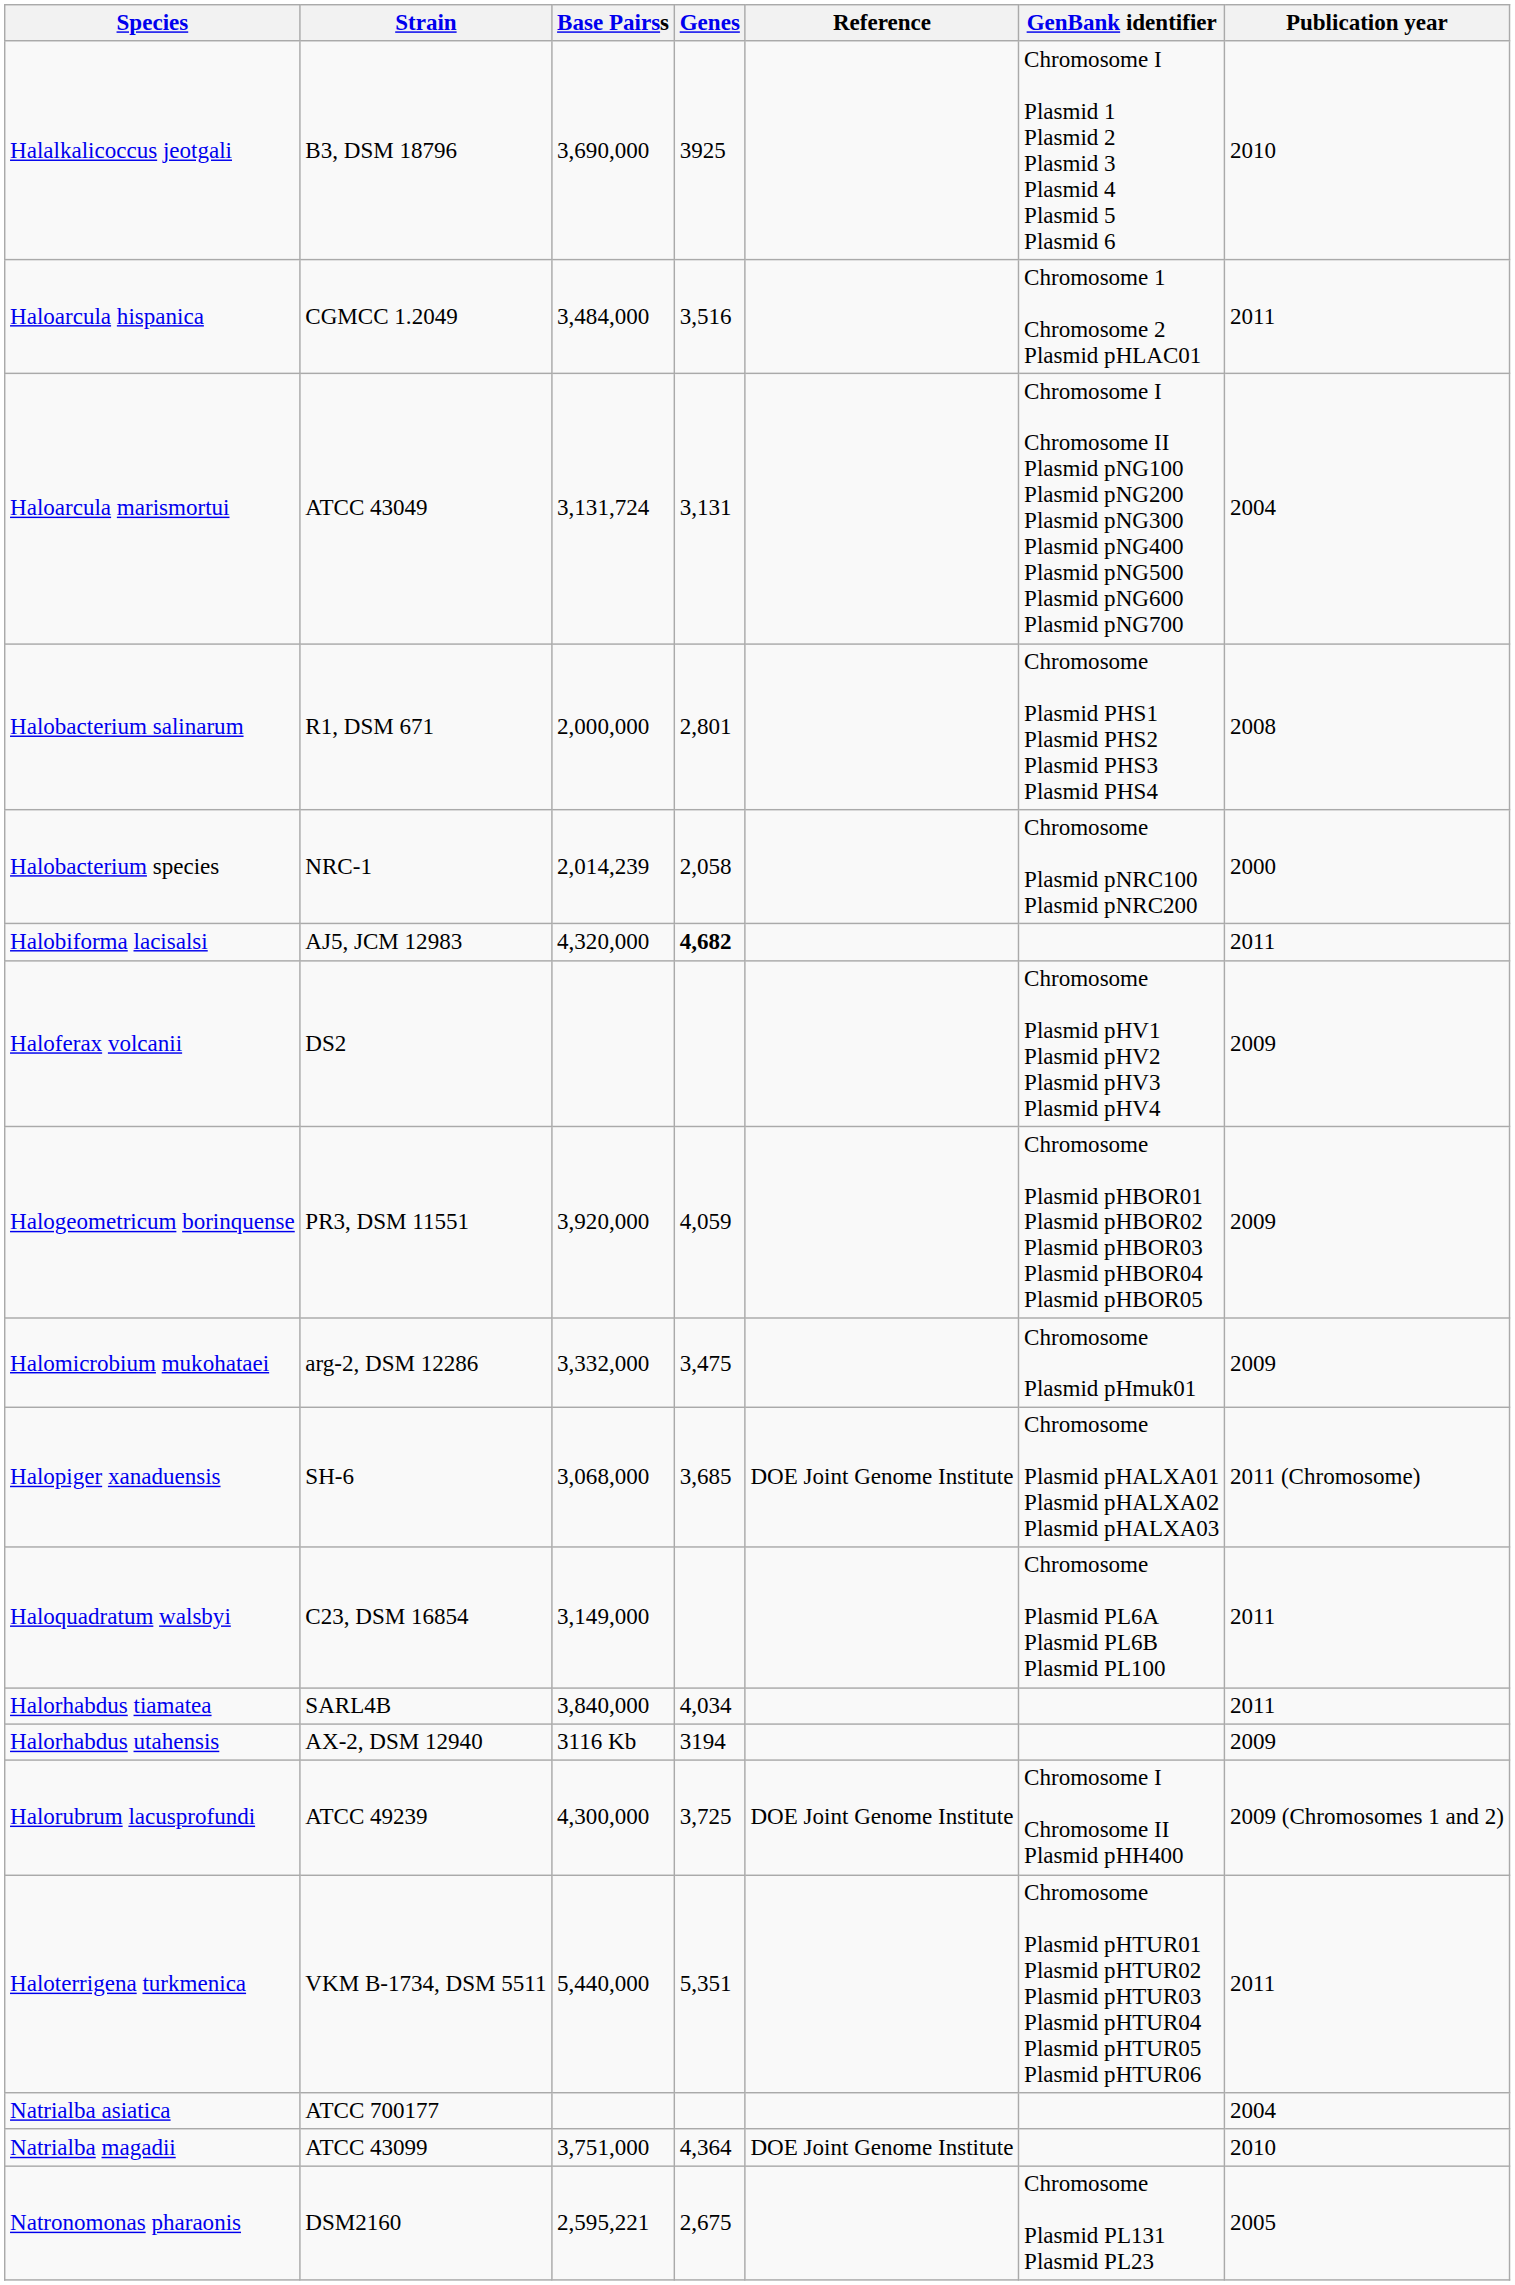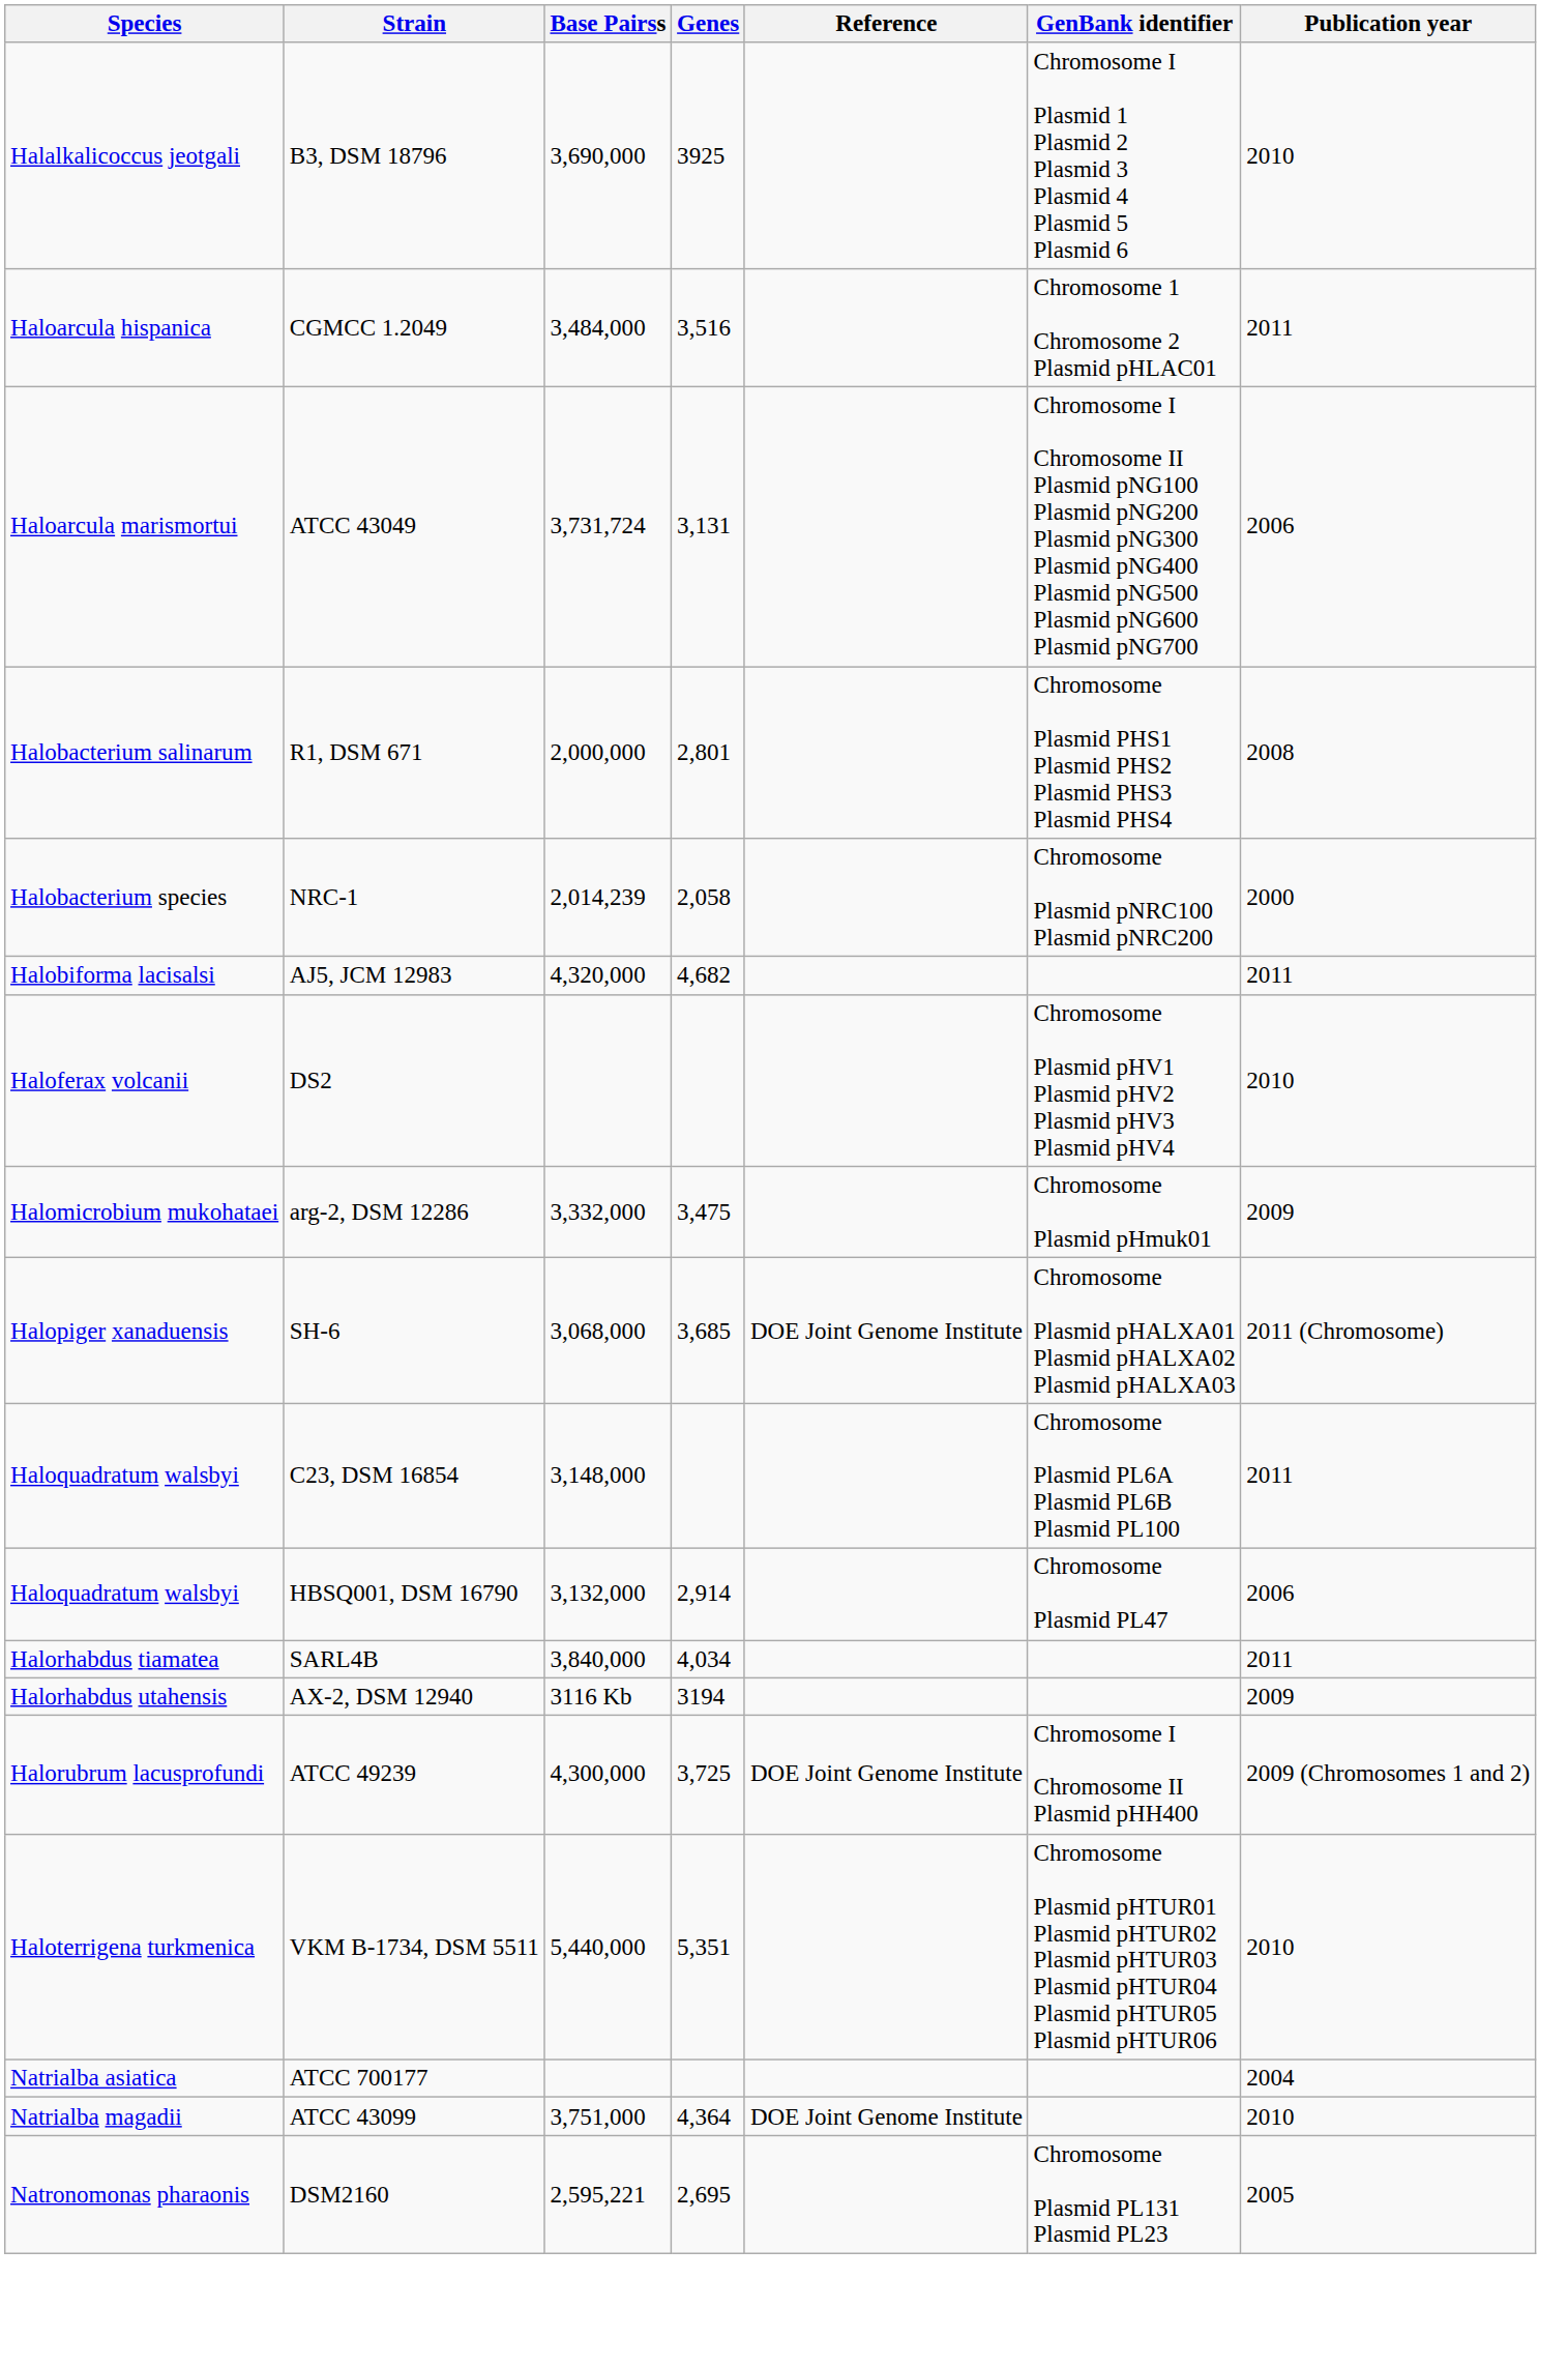 <table class="wikitable sortable">
 <tr>
 <th><a href='#'>Species</a></th>
 <th><a href='#'>Strain</a></th>
 <th><a href='#'>Base Pairs</a>s</th>
 <th><a href='#'>Genes</a></th>
 <th>Reference</th>
 <th><a href='#'>GenBank</a> identifier</th>
 <th>Publication year</th>
 </tr>
 <tr>
 <td><a href='#'>Halalkalicoccus</a> <a href='#'>jeotgali</a></td>
 <td>B3, DSM 18796</td>
 <td>3,690,000</td>
 <td>3925</td>
 <td></td>
 <td>Chromosome I <br><br>Plasmid 1 <br> Plasmid 2 <br> Plasmid 3 <br> Plasmid 4 <br> Plasmid 5 <br> Plasmid 6 </td>
 <td>2010</td>
 </tr>
 <tr>
 <td><a href='#'>Haloarcula</a> <a href='#'>hispanica</a></td>
 <td>CGMCC 1.2049</td>
 <td>3,484,000</td>
 <td>3,516</td>
 <td></td>
 <td>Chromosome 1 <br><br>Chromosome 2 <br> Plasmid pHLAC01 </td>
 <td>2011</td>
 </tr>
 <tr>
 <td><a href='#'>Haloarcula</a> <a href='#'>marismortui</a></td>
 <td>ATCC 43049</td>
-<td>3,131,724</td>
+<td>3,731,724</td>
 <td>3,131</td>
 <td></td>
 <td>Chromosome I <br><br>Chromosome II <br> Plasmid pNG100 <br> Plasmid pNG200 <br> Plasmid pNG300 <br> Plasmid pNG400 <br> Plasmid pNG500 <br> Plasmid pNG600 <br> Plasmid pNG700 </td>
-<td>2004</td>
+<td>2006</td>
 </tr>
 <tr>
 <td><a href='#'>Halobacterium salinarum</a></td>
 <td>R1, DSM 671</td>
 <td>2,000,000</td>
 <td>2,801</td>
 <td></td>
 <td>Chromosome <br><br>Plasmid PHS1 <br> Plasmid PHS2 <br> Plasmid PHS3 <br> Plasmid PHS4 </td>
 <td>2008</td>
 </tr>
 <tr>
 <td><a href='#'>Halobacterium</a> species</td>
 <td>NRC-1</td>
 <td>2,014,239</td>
 <td>2,058</td>
 <td></td>
 <td>Chromosome <br><br>Plasmid pNRC100 <br> Plasmid pNRC200 </td>
 <td>2000</td>
 </tr>
 <tr>
 <td><a href='#'>Halobiforma</a> <a href='#'>lacisalsi</a></td>
 <td>AJ5, JCM 12983</td>
 <td>4,320,000</td>
-<td><strong>4,682</strong></td>
+<td>4,682</td>
 <td></td>
 <td></td>
 <td>2011</td>
 </tr>
 <tr>
 <td><a href='#'>Haloferax</a> <a href='#'>volcanii</a></td>
 <td>DS2</td>
 <td></td>
 <td></td>
 <td></td>
 <td>Chromosome <br><br>Plasmid pHV1 <br> Plasmid pHV2 <br> Plasmid pHV3 <br> Plasmid pHV4 </td>
-<td>2009</td>
-</tr>
-<tr>
-<td><a href='#'>Halogeometricum</a> <a href='#'>borinquense</a></td>
-<td>PR3, DSM 11551</td>
-<td>3,920,000</td>
-<td>4,059</td>
-<td></td>
-<td>Chromosome <br><br>Plasmid pHBOR01 <br> Plasmid pHBOR02 <br> Plasmid pHBOR03 <br> Plasmid pHBOR04 <br> Plasmid pHBOR05 </td>
-<td>2009</td>
+<td>2010</td>
 </tr>
 <tr>
 <td><a href='#'>Halomicrobium</a> <a href='#'>mukohataei</a></td>
 <td>arg-2, DSM 12286</td>
 <td>3,332,000</td>
 <td>3,475</td>
 <td></td>
 <td>Chromosome <br><br>Plasmid pHmuk01  </td>
 <td>2009</td>
 </tr>
 <tr>
 <td><a href='#'>Halopiger</a> <a href='#'>xanaduensis</a></td>
 <td>SH-6</td>
 <td>3,068,000</td>
 <td>3,685</td>
 <td>DOE Joint Genome Institute</td>
 <td>Chromosome <br><br>Plasmid pHALXA01 <br> Plasmid pHALXA02 <br> Plasmid pHALXA03 </td>
 <td>2011 (Chromosome)</td>
 </tr>
 <tr>
 <td><a href='#'>Haloquadratum</a> <a href='#'>walsbyi</a></td>
 <td>C23, DSM 16854</td>
-<td>3,149,000</td>
+<td>3,148,000</td>
 <td></td>
 <td></td>
 <td>Chromosome <br><br>Plasmid PL6A <br> Plasmid PL6B <br> Plasmid PL100 </td>
 <td>2011</td>
+</tr>
+<tr>
+<td><a href='#'>Haloquadratum</a> <a href='#'>walsbyi</a></td>
+<td>HBSQ001, DSM 16790</td>
+<td>3,132,000</td>
+<td>2,914</td>
+<td></td>
+<td>Chromosome <br><br>Plasmid PL47 </td>
+<td>2006</td>
 </tr>
 <tr>
 <td><a href='#'>Halorhabdus</a> <a href='#'>tiamatea</a></td>
 <td>SARL4B</td>
 <td>3,840,000</td>
 <td>4,034</td>
 <td></td>
 <td></td>
 <td>2011</td>
 </tr>
 <tr>
 <td><a href='#'>Halorhabdus</a> <a href='#'>utahensis</a></td>
 <td>AX-2, DSM 12940</td>
 <td>3116 Kb</td>
 <td>3194</td>
 <td></td>
 <td></td>
 <td>2009</td>
 </tr>
 <tr>
 <td><a href='#'>Halorubrum</a> <a href='#'>lacusprofundi</a></td>
 <td>ATCC 49239</td>
 <td>4,300,000</td>
 <td>3,725</td>
 <td>DOE Joint Genome Institute</td>
 <td>Chromosome I <br><br>Chromosome II <br> Plasmid pHH400 </td>
 <td>2009 (Chromosomes 1 and 2)</td>
 </tr>
 <tr>
 <td><a href='#'>Haloterrigena</a> <a href='#'>turkmenica</a></td>
 <td>VKM B-1734, DSM 5511</td>
 <td>5,440,000</td>
 <td>5,351</td>
 <td></td>
 <td>Chromosome <br><br>Plasmid pHTUR01 <br> Plasmid pHTUR02 <br> Plasmid pHTUR03 <br> Plasmid pHTUR04 <br> Plasmid pHTUR05 <br> Plasmid pHTUR06 </td>
-<td>2011</td>
+<td>2010</td>
 </tr>
 <tr>
 <td><a href='#'>Natrialba asiatica</a></td>
 <td>ATCC 700177</td>
 <td></td>
 <td></td>
 <td></td>
 <td></td>
 <td>2004</td>
 </tr>
 <tr>
 <td><a href='#'>Natrialba</a> <a href='#'>magadii</a></td>
 <td>ATCC 43099</td>
 <td>3,751,000</td>
 <td>4,364</td>
 <td>DOE Joint Genome Institute</td>
 <td></td>
 <td>2010</td>
 </tr>
 <tr>
 <td><a href='#'>Natronomonas</a> <a href='#'>pharaonis</a></td>
 <td>DSM2160</td>
 <td>2,595,221</td>
-<td>2,675</td>
+<td>2,695</td>
 <td></td>
 <td>Chromosome <br><br>Plasmid PL131 <br> Plasmid PL23 </td>
 <td>2005</td>
 </tr>
 </table>
